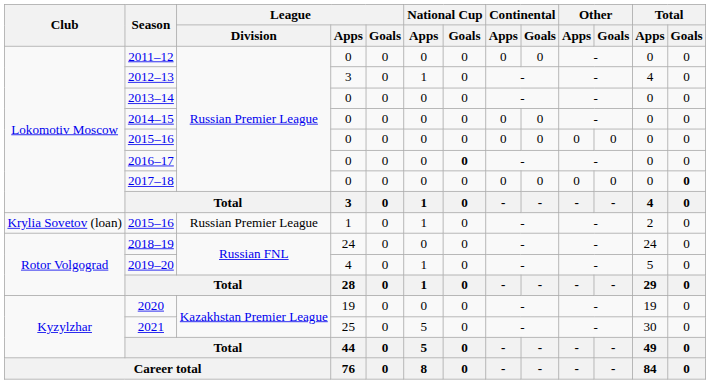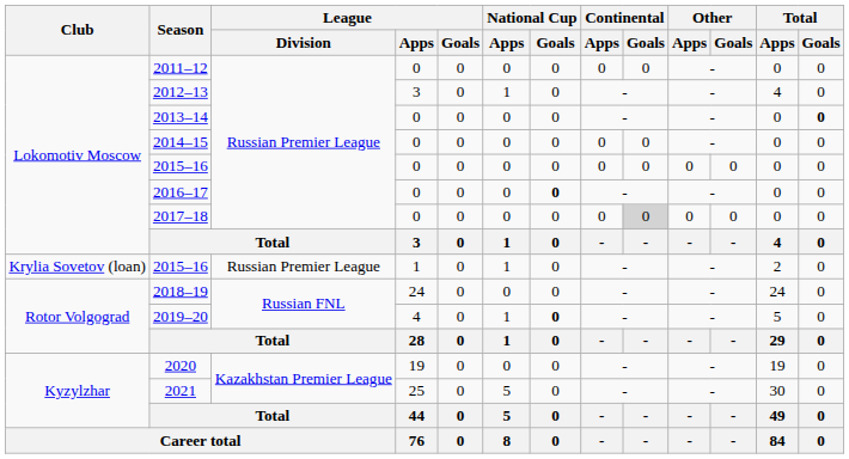 <table class="wikitable" style="text-align:center">
 <tr>
 <th rowspan="2">Club</th>
 <th rowspan="2">Season</th>
 <th colspan="3">League</th>
 <th colspan="2">National Cup</th>
 <th colspan="2">Continental</th>
 <th colspan="2">Other</th>
 <th colspan="2">Total</th>
 </tr>
 <tr>
 <th>Division</th>
 <th>Apps</th>
 <th>Goals</th>
 <th>Apps</th>
 <th>Goals</th>
 <th>Apps</th>
 <th>Goals</th>
 <th>Apps</th>
 <th>Goals</th>
 <th>Apps</th>
 <th>Goals</th>
 </tr>
 <tr>
 <td rowspan="8"><a href='#'>Lokomotiv Moscow</a></td>
 <td><a href='#'>2011–12</a></td>
 <td rowspan="7"><a href='#'>Russian Premier League</a></td>
 <td>0</td>
 <td>0</td>
 <td>0</td>
 <td>0</td>
 <td>0</td>
 <td>0</td>
 <td colspan="2">-</td>
 <td>0</td>
 <td>0</td>
 </tr>
 <tr>
 <td><a href='#'>2012–13</a></td>
 <td>3</td>
 <td>0</td>
 <td>1</td>
 <td>0</td>
 <td colspan="2">-</td>
 <td colspan="2">-</td>
 <td>4</td>
 <td>0</td>
 </tr>
 <tr>
 <td><a href='#'>2013–14</a></td>
 <td>0</td>
 <td>0</td>
 <td>0</td>
 <td>0</td>
 <td colspan="2">-</td>
 <td colspan="2">-</td>
 <td>0</td>
-<td>0</td>
+<td><strong>0</strong></td>
 </tr>
 <tr>
 <td><a href='#'>2014–15</a></td>
 <td>0</td>
 <td>0</td>
 <td>0</td>
 <td>0</td>
 <td>0</td>
 <td>0</td>
 <td colspan="2">-</td>
 <td>0</td>
 <td>0</td>
 </tr>
 <tr>
 <td><a href='#'>2015–16</a></td>
 <td>0</td>
 <td>0</td>
 <td>0</td>
 <td>0</td>
 <td>0</td>
 <td>0</td>
 <td>0</td>
 <td>0</td>
 <td>0</td>
 <td>0</td>
 </tr>
 <tr>
 <td><a href='#'>2016–17</a></td>
 <td>0</td>
 <td>0</td>
 <td>0</td>
 <td><strong>0</strong></td>
 <td colspan="2">-</td>
 <td colspan="2">-</td>
 <td>0</td>
 <td>0</td>
 </tr>
 <tr>
 <td><a href='#'>2017–18</a></td>
 <td>0</td>
 <td>0</td>
 <td>0</td>
 <td>0</td>
 <td>0</td>
+<td style="background: lightgrey;">0</td>
 <td>0</td>
 <td>0</td>
 <td>0</td>
 <td>0</td>
-<td><strong>0</strong></td>
 </tr>
 <tr>
 <th colspan="2">Total</th>
 <th>3</th>
 <th>0</th>
 <th>1</th>
 <th>0</th>
 <th>-</th>
 <th>-</th>
 <th>-</th>
 <th>-</th>
 <th>4</th>
 <th>0</th>
 </tr>
 <tr>
 <td><a href='#'>Krylia Sovetov</a> (loan)</td>
 <td><a href='#'>2015–16</a></td>
 <td>Russian Premier League</td>
 <td>1</td>
 <td>0</td>
 <td>1</td>
 <td>0</td>
 <td colspan="2">-</td>
 <td colspan="2">-</td>
 <td>2</td>
 <td>0</td>
 </tr>
 <tr>
 <td rowspan="3"><a href='#'>Rotor Volgograd</a></td>
 <td><a href='#'>2018–19</a></td>
 <td rowspan="2"><a href='#'>Russian FNL</a></td>
 <td>24</td>
 <td>0</td>
 <td>0</td>
 <td>0</td>
 <td colspan="2">-</td>
 <td colspan="2">-</td>
 <td>24</td>
 <td>0</td>
 </tr>
 <tr>
 <td><a href='#'>2019–20</a></td>
 <td>4</td>
 <td>0</td>
 <td>1</td>
-<td>0</td>
+<td><strong>0</strong></td>
 <td colspan="2">-</td>
 <td colspan="2">-</td>
 <td>5</td>
 <td>0</td>
 </tr>
 <tr>
 <th colspan="2">Total</th>
 <th>28</th>
 <th>0</th>
 <th>1</th>
 <th>0</th>
 <th>-</th>
 <th>-</th>
 <th>-</th>
 <th>-</th>
 <th>29</th>
 <th>0</th>
 </tr>
 <tr>
 <td rowspan="3"><a href='#'>Kyzylzhar</a></td>
 <td><a href='#'>2020</a></td>
 <td rowspan="2"><a href='#'>Kazakhstan Premier League</a></td>
 <td>19</td>
 <td>0</td>
 <td>0</td>
 <td>0</td>
 <td colspan="2">-</td>
 <td colspan="2">-</td>
 <td>19</td>
 <td>0</td>
 </tr>
 <tr>
 <td><a href='#'>2021</a></td>
 <td>25</td>
 <td>0</td>
 <td>5</td>
 <td>0</td>
 <td colspan="2">-</td>
 <td colspan="2">-</td>
 <td>30</td>
 <td>0</td>
 </tr>
 <tr>
 <th colspan="2">Total</th>
 <th>44</th>
 <th>0</th>
 <th>5</th>
 <th>0</th>
 <th>-</th>
 <th>-</th>
 <th>-</th>
 <th>-</th>
 <th>49</th>
 <th>0</th>
 </tr>
 <tr>
 <th colspan="3">Career total</th>
 <th>76</th>
 <th>0</th>
 <th>8</th>
 <th>0</th>
 <th>-</th>
 <th>-</th>
 <th>-</th>
 <th>-</th>
 <th>84</th>
 <th>0</th>
 </tr>
 </table>
